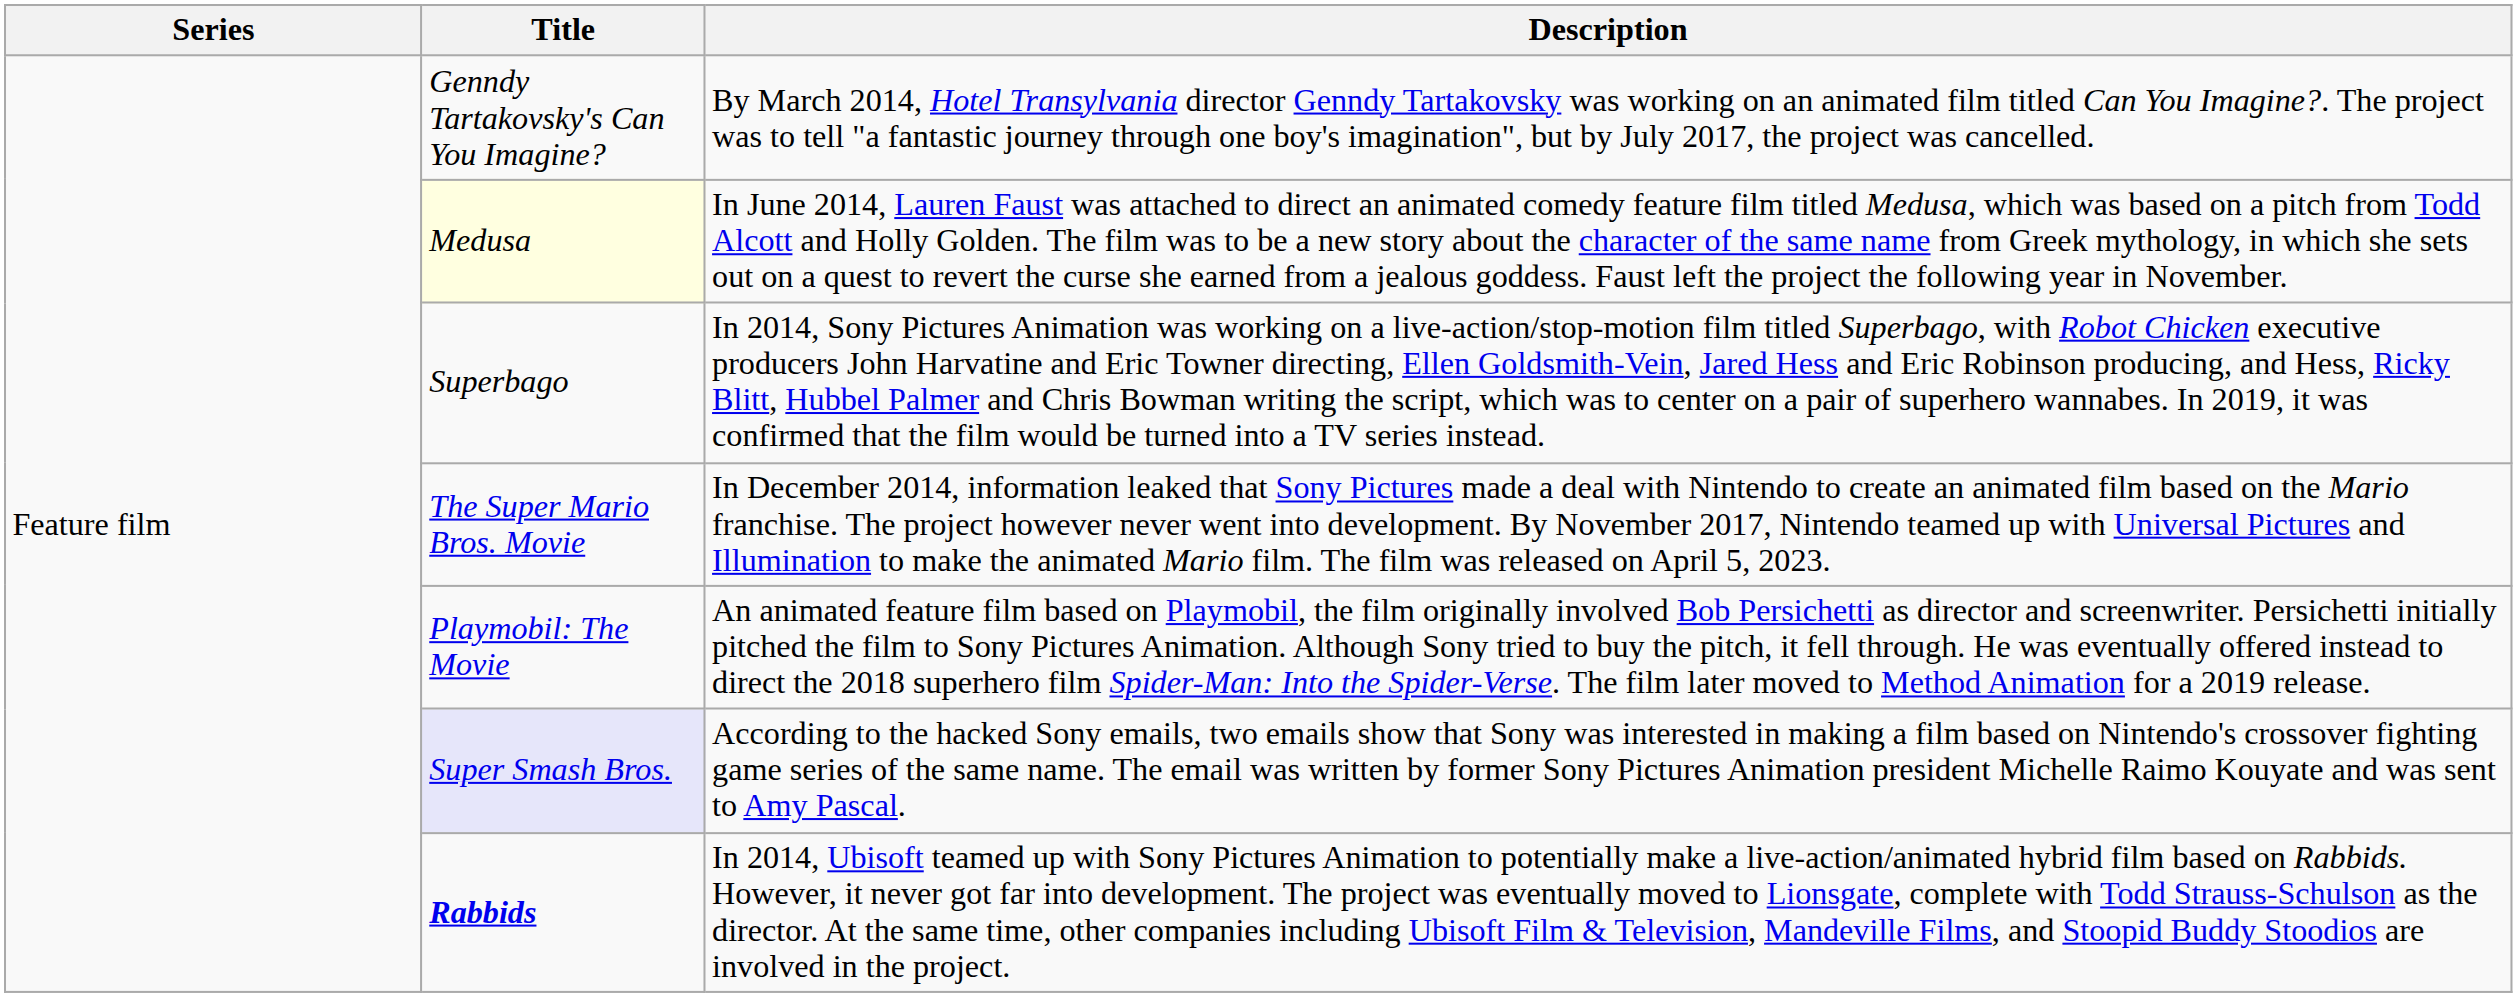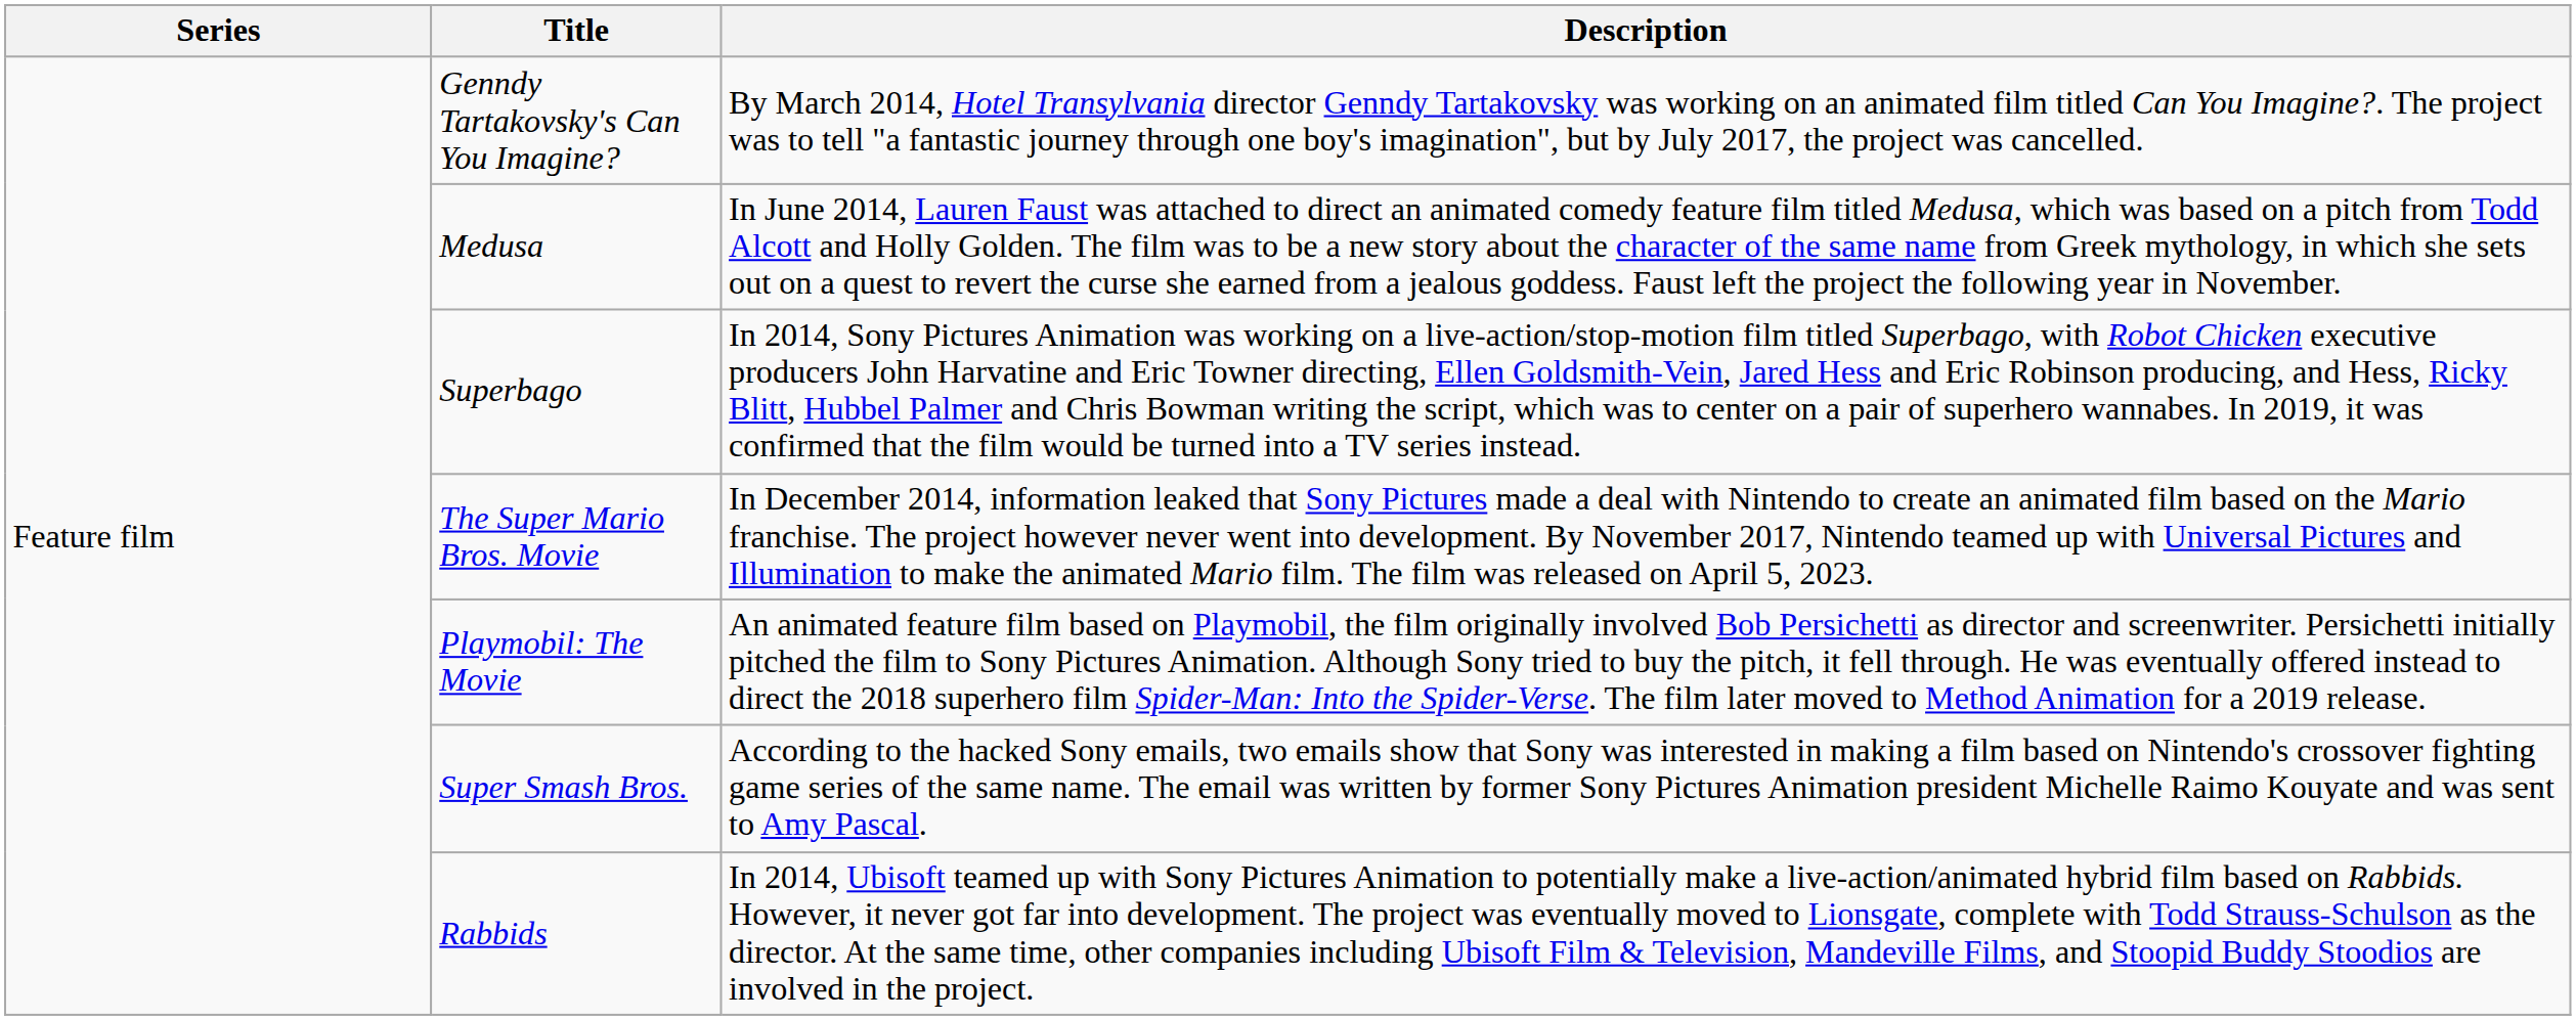 <table class="wikitable">
 <tr>
 <th style="width:150pt;">Series</th>
 <th style="width:100pt;">Title</th>
 <th>Description</th>
 </tr>
 <tr>
 <td rowspan="7">Feature film</td>
 <td><em>Genndy Tartakovsky's Can You Imagine?</em></td>
 <td>By March 2014, <em><a href='#'>Hotel Transylvania</a></em> director <a href='#'>Genndy Tartakovsky</a> was working on an animated film titled <em>Can You Imagine?</em>. The project was to tell "a fantastic journey through one boy's imagination", but by July 2017, the project was cancelled.</td>
 </tr>
 <tr>
-<td style="background: lightyellow;"><em>Medusa</em></td>
+<td><em>Medusa</em></td>
 <td>In June 2014, <a href='#'>Lauren Faust</a> was attached to direct an animated comedy feature film titled <em>Medusa</em>, which was based on a pitch from <a href='#'>Todd Alcott</a> and Holly Golden. The film was to be a new story about the <a href='#'>character of the same name</a> from Greek mythology, in which she sets out on a quest to revert the curse she earned from a jealous goddess. Faust left the project the following year in November.</td>
 </tr>
 <tr>
 <td><em>Superbago</em></td>
 <td>In 2014, Sony Pictures Animation was working on a live-action/stop-motion film titled <em>Superbago</em>, with <em><a href='#'>Robot Chicken</a></em> executive producers John Harvatine and Eric Towner directing, <a href='#'>Ellen Goldsmith-Vein</a>, <a href='#'>Jared Hess</a> and Eric Robinson producing, and Hess, <a href='#'>Ricky Blitt</a>, <a href='#'>Hubbel Palmer</a> and Chris Bowman writing the script, which was to center on a pair of superhero wannabes. In 2019, it was confirmed that the film would be turned into a TV series instead.</td>
 </tr>
 <tr>
 <td><em><a href='#'>The Super Mario Bros. Movie</a></em></td>
 <td>In December 2014, information leaked that <a href='#'>Sony Pictures</a> made a deal with Nintendo to create an animated film based on the <em>Mario</em> franchise. The project however never went into development. By November 2017, Nintendo teamed up with <a href='#'>Universal Pictures</a> and <a href='#'>Illumination</a> to make the animated <em>Mario</em> film. The film was released on April 5, 2023.</td>
 </tr>
 <tr>
 <td><em><a href='#'>Playmobil: The Movie</a></em></td>
 <td>An animated feature film based on <a href='#'>Playmobil</a>, the film originally involved <a href='#'>Bob Persichetti</a> as director and screenwriter. Persichetti initially pitched the film to Sony Pictures Animation. Although Sony tried to buy the pitch, it fell through. He was eventually offered instead to direct the 2018 superhero film <em><a href='#'>Spider-Man: Into the Spider-Verse</a></em>. The film later moved to <a href='#'>Method Animation</a> for a 2019 release.</td>
 </tr>
 <tr>
-<td style="background: lavender;"><em><a href='#'>Super Smash Bros.</a></em></td>
+<td><em><a href='#'>Super Smash Bros.</a></em></td>
 <td>According to the hacked Sony emails, two emails show that Sony was interested in making a film based on Nintendo's crossover fighting game series of the same name. The email was written by former Sony Pictures Animation president Michelle Raimo Kouyate and was sent to <a href='#'>Amy Pascal</a>.</td>
 </tr>
 <tr>
-<td><strong><em><a href='#'>Rabbids</a></em></strong></td>
+<td><em><a href='#'>Rabbids</a></em></td>
 <td>In 2014, <a href='#'>Ubisoft</a> teamed up with Sony Pictures Animation to potentially make a live-action/animated hybrid film based on <em>Rabbids.</em> However, it never got far into development. The project was eventually moved to <a href='#'>Lionsgate</a>, complete with <a href='#'>Todd Strauss-Schulson</a> as the director. At the same time, other companies including <a href='#'>Ubisoft Film & Television</a>, <a href='#'>Mandeville Films</a>, and <a href='#'>Stoopid Buddy Stoodios</a> are involved in the project.</td>
 </tr>
 </table>
